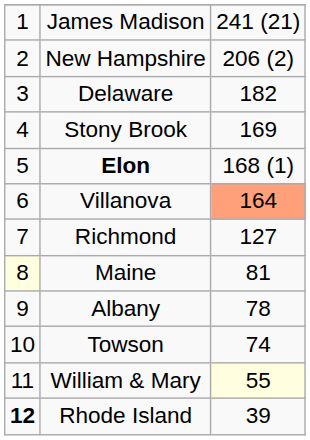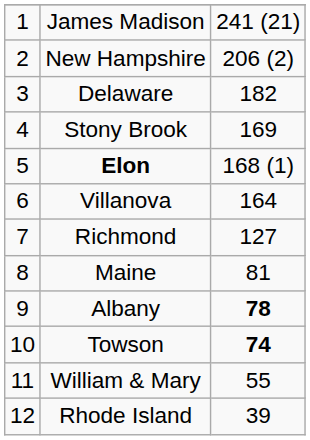 <table class="wikitable">
 <tr align="center">
 </tr>
 <tr align="center">
 <td>1</td>
 <td>James Madison</td>
 <td>241 (21)</td>
 </tr>
 <tr align="center">
 <td>2</td>
 <td>New Hampshire</td>
 <td>206 (2)</td>
 </tr>
 <tr align="center">
 <td>3</td>
 <td>Delaware</td>
 <td>182</td>
 </tr>
 <tr align="center">
 <td>4</td>
 <td>Stony Brook</td>
 <td>169</td>
 </tr>
 <tr align="center">
 <td>5</td>
 <td><strong>Elon</strong></td>
 <td>168 (1)</td>
 </tr>
 <tr align="center">
 <td>6</td>
 <td>Villanova</td>
-<td style="background: lightsalmon;">164</td>
+<td>164</td>
 </tr>
 <tr align="center">
 <td>7</td>
 <td>Richmond</td>
 <td>127</td>
 </tr>
 <tr align="center">
-<td style="background: lightyellow;">8</td>
+<td>8</td>
 <td>Maine</td>
 <td>81</td>
 </tr>
 <tr align="center">
 <td>9</td>
 <td>Albany</td>
-<td>78</td>
+<td><strong>78</strong></td>
 </tr>
 <tr align="center">
 <td>10</td>
 <td>Towson</td>
-<td>74</td>
+<td><strong>74</strong></td>
 </tr>
 <tr align="center">
 <td>11</td>
 <td>William & Mary</td>
-<td style="background: lightyellow;">55</td>
+<td>55</td>
 </tr>
 <tr align="center">
-<td><strong>12</strong></td>
+<td>12</td>
 <td>Rhode Island</td>
 <td>39</td>
 </tr>
 </table>
